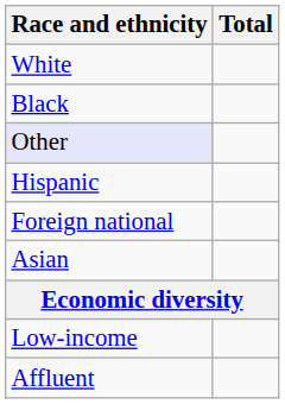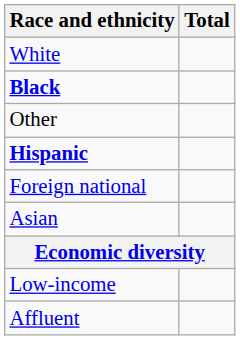 <table class="wikitable floatright sortable collapsible"; text-align:right; font-size:80%;">
 <tr>
 <th>Race and ethnicity</th>
 <th colspan="2" data-sort-type=number>Total</th>
 </tr>
 <tr>
 <td><a href='#'>White</a></td>
 <td align=right></td>
 </tr>
 <tr>
-<td><a href='#'>Black</a></td>
+<td><strong><a href='#'>Black</a></strong></td>
 <td align=right></td>
 </tr>
 <tr>
-<td style="background: lavender;">Other</td>
+<td>Other</td>
 <td align=right></td>
 </tr>
 <tr>
-<td><a href='#'>Hispanic</a></td>
+<td><strong><a href='#'>Hispanic</a></strong></td>
 <td align=right></td>
 </tr>
 <tr>
 <td><a href='#'>Foreign national</a></td>
 <td align=right></td>
 </tr>
 <tr>
 <td><a href='#'>Asian</a></td>
 <td align=right></td>
 </tr>
 <tr>
 <th colspan="4" data-sort-type=number><a href='#'>Economic diversity</a></th>
 </tr>
 <tr>
 <td><a href='#'>Low-income</a></td>
 <td align=right></td>
 </tr>
 <tr>
 <td><a href='#'>Affluent</a></td>
 <td align=right></td>
 </tr>
 </table>
